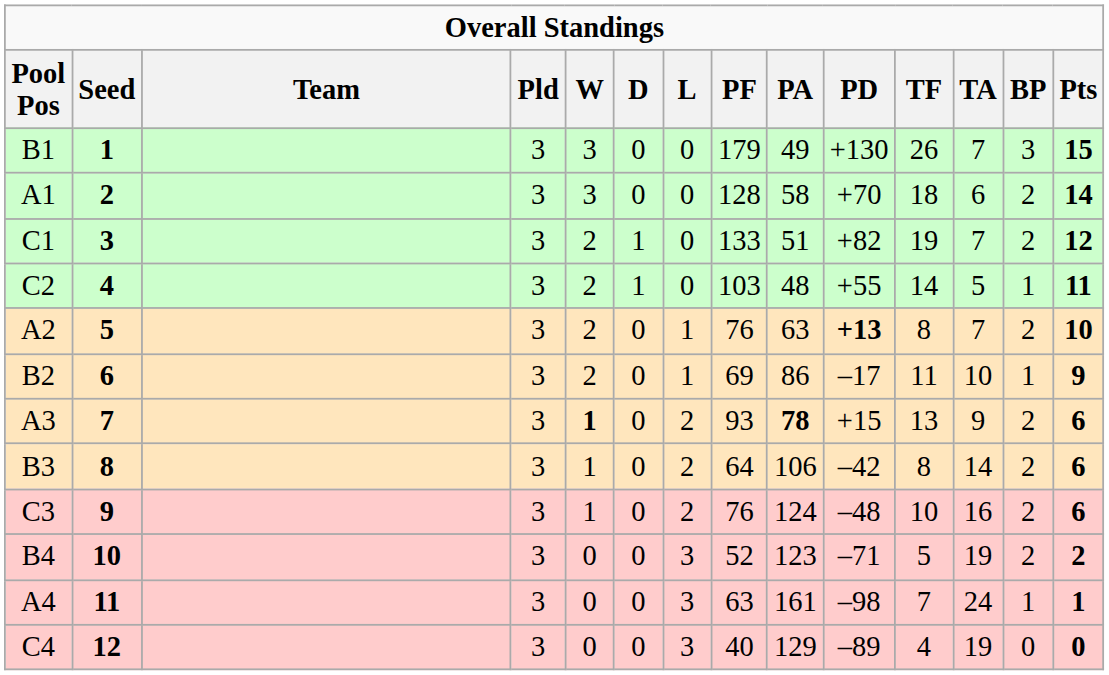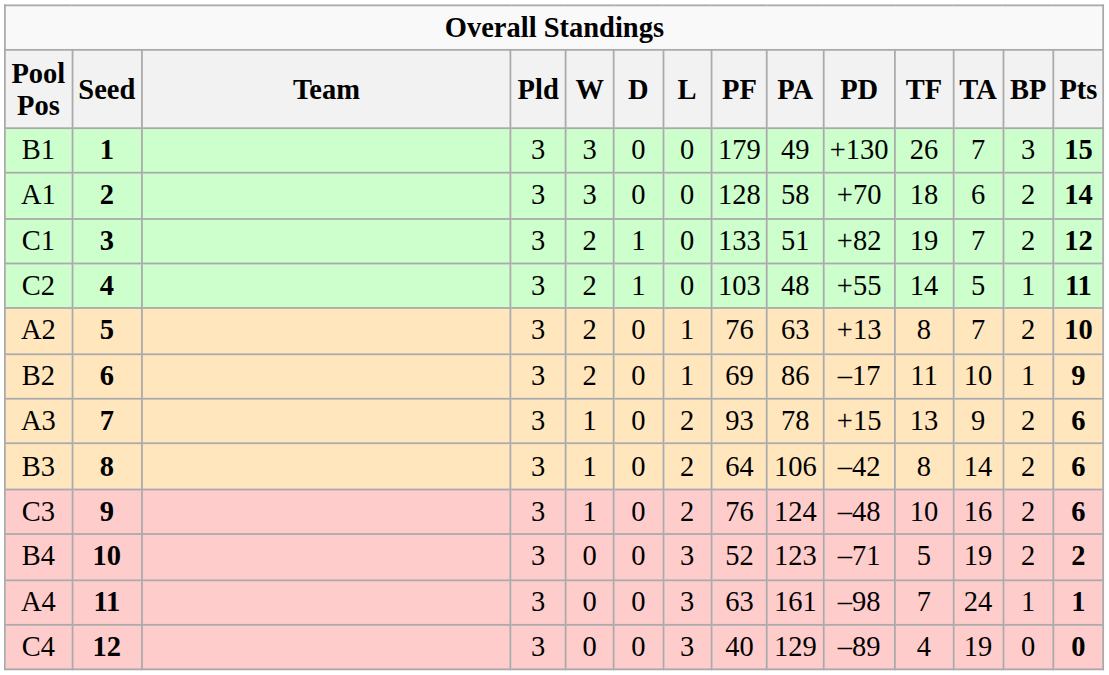 <table class="wikitable" style="float:left; margin-right:15px; text-align: center;">
 <tr>
 <td colspan=15><div><strong>Overall Standings</strong></div></td>
 </tr>
 <tr>
 <th width="20">Pool Pos</th>
 <th width="20">Seed</th>
 <th width="200">Team</th>
 <th width="20">Pld</th>
 <th width="20">W</th>
 <th width="20">D</th>
 <th width="20">L</th>
 <th width="20">PF</th>
 <th width="20">PA</th>
 <th width="32">PD</th>
 <th width="25">TF</th>
 <th width="20">TA</th>
 <th width="20">BP</th>
 <th width="20">Pts<br></th>
 </tr>
 <tr style="background:#ccffcc; text-align:center;">
 <td>B1</td>
 <td><strong>1</strong></td>
 <td align=left></td>
 <td>3</td>
 <td>3</td>
 <td>0</td>
 <td>0</td>
 <td>179</td>
 <td>49</td>
 <td>+130</td>
 <td>26</td>
 <td>7</td>
 <td>3</td>
 <td><strong>15</strong></td>
 </tr>
 <tr style="background:#ccffcc; text-align:center;">
 <td>A1</td>
 <td><strong>2</strong></td>
 <td align=left></td>
 <td>3</td>
 <td>3</td>
 <td>0</td>
 <td>0</td>
 <td>128</td>
 <td>58</td>
 <td>+70</td>
 <td>18</td>
 <td>6</td>
 <td>2</td>
 <td><strong>14</strong></td>
 </tr>
 <tr style="background:#ccffcc; text-align:center;">
 <td>C1</td>
 <td><strong>3</strong></td>
 <td align=left></td>
 <td>3</td>
 <td>2</td>
 <td>1</td>
 <td>0</td>
 <td>133</td>
 <td>51</td>
 <td>+82</td>
 <td>19</td>
 <td>7</td>
 <td>2</td>
 <td><strong>12</strong></td>
 </tr>
 <tr style="background:#ccffcc; text-align:center;">
 <td>C2</td>
 <td><strong>4</strong></td>
 <td align=left></td>
 <td>3</td>
 <td>2</td>
 <td>1</td>
 <td>0</td>
 <td>103</td>
 <td>48</td>
 <td>+55</td>
 <td>14</td>
 <td>5</td>
 <td>1</td>
 <td><strong>11</strong></td>
 </tr>
 <tr style="background:#ffe6bd; text-align:center;">
 <td>A2</td>
 <td><strong>5</strong></td>
 <td align=left></td>
 <td>3</td>
 <td>2</td>
 <td>0</td>
 <td>1</td>
 <td>76</td>
 <td>63</td>
-<td><strong>+13</strong></td>
+<td>+13</td>
 <td>8</td>
 <td>7</td>
 <td>2</td>
 <td><strong>10</strong></td>
 </tr>
 <tr style="background:#ffe6bd; text-align:center;">
 <td>B2</td>
 <td><strong>6</strong></td>
 <td align=left></td>
 <td>3</td>
 <td>2</td>
 <td>0</td>
 <td>1</td>
 <td>69</td>
 <td>86</td>
 <td>–17</td>
 <td>11</td>
 <td>10</td>
 <td>1</td>
 <td><strong>9</strong></td>
 </tr>
 <tr style="background:#ffe6bd; text-align:center;">
 <td>A3</td>
 <td><strong>7</strong></td>
 <td align=left></td>
 <td>3</td>
-<td><strong>1</strong></td>
+<td>1</td>
 <td>0</td>
 <td>2</td>
 <td>93</td>
-<td><strong>78</strong></td>
+<td>78</td>
 <td>+15</td>
 <td>13</td>
 <td>9</td>
 <td>2</td>
 <td><strong>6</strong></td>
 </tr>
 <tr style="background:#ffe6bd; text-align:center;">
 <td>B3</td>
 <td><strong>8</strong></td>
 <td align=left></td>
 <td>3</td>
 <td>1</td>
 <td>0</td>
 <td>2</td>
 <td>64</td>
 <td>106</td>
 <td>–42</td>
 <td>8</td>
 <td>14</td>
 <td>2</td>
 <td><strong>6</strong></td>
 </tr>
 <tr style="background:#fcc; text-align:center;">
 <td>C3</td>
 <td><strong>9</strong></td>
 <td align=left></td>
 <td>3</td>
 <td>1</td>
 <td>0</td>
 <td>2</td>
 <td>76</td>
 <td>124</td>
 <td>–48</td>
 <td>10</td>
 <td>16</td>
 <td>2</td>
 <td><strong>6</strong></td>
 </tr>
 <tr style="background:#fcc; text-align:center;">
 <td>B4</td>
 <td><strong>10</strong></td>
 <td align=left></td>
 <td>3</td>
 <td>0</td>
 <td>0</td>
 <td>3</td>
 <td>52</td>
 <td>123</td>
 <td>–71</td>
 <td>5</td>
 <td>19</td>
 <td>2</td>
 <td><strong>2</strong></td>
 </tr>
 <tr style="background:#fcc; text-align:center;">
 <td>A4</td>
 <td><strong>11</strong></td>
 <td align=left></td>
 <td>3</td>
 <td>0</td>
 <td>0</td>
 <td>3</td>
 <td>63</td>
 <td>161</td>
 <td>–98</td>
 <td>7</td>
 <td>24</td>
 <td>1</td>
 <td><strong>1</strong></td>
 </tr>
 <tr style="background:#fcc; text-align:center;">
 <td>C4</td>
 <td><strong>12</strong></td>
 <td align=left></td>
 <td>3</td>
 <td>0</td>
 <td>0</td>
 <td>3</td>
 <td>40</td>
 <td>129</td>
 <td>–89</td>
 <td>4</td>
 <td>19</td>
 <td>0</td>
 <td><strong>0</strong></td>
 </tr>
 </table>
